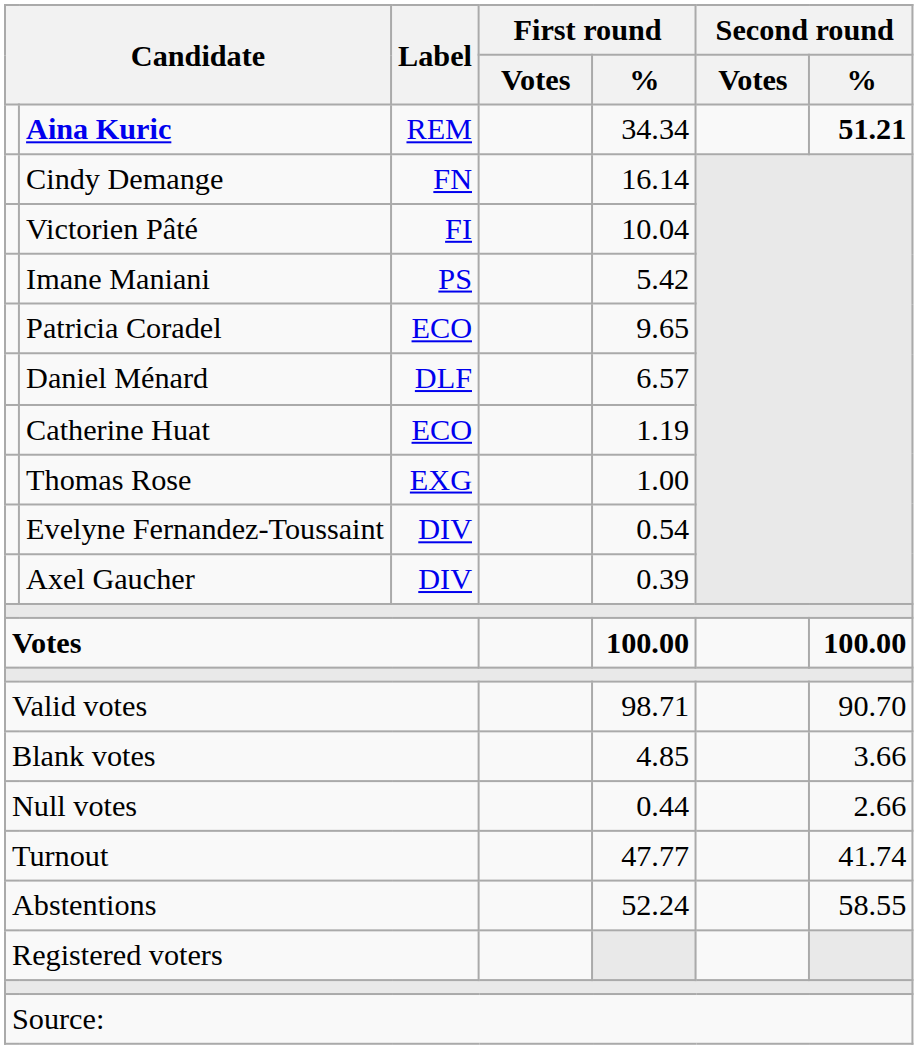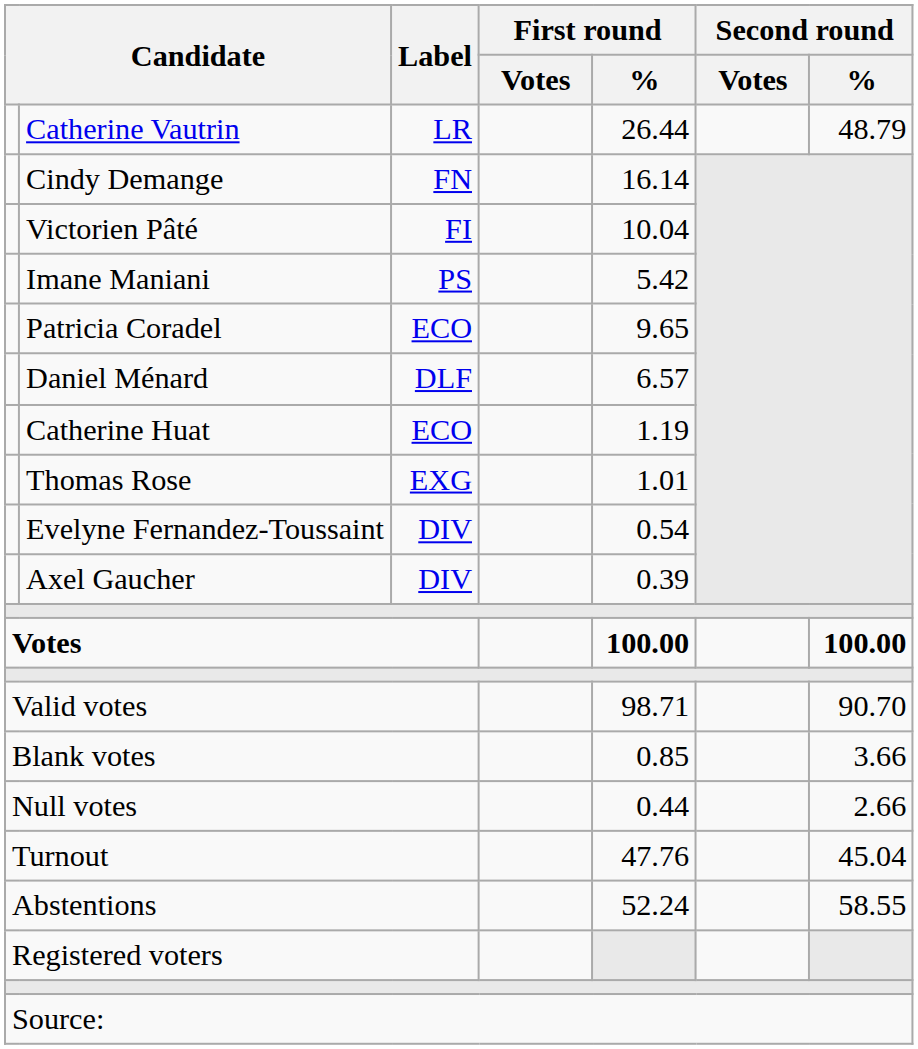 <table class="wikitable" style="text-align:right;font-size:95%;">
 <tr>
 <th rowspan="2" colspan="2">Candidate</th>
 <th rowspan="2">Label</th>
 <th colspan="2">First round</th>
 <th colspan="2">Second round</th>
 </tr>
 <tr>
 <th style="width:50px;">Votes</th>
 <th style="width:45px;">%</th>
 <th style="width:50px;">Votes</th>
 <th style="width:45px;">%</th>
 </tr>
 <tr>
 <td style="color:inherit;background:"></td>
-<td style="text-align:left;"><strong><a href='#'>Aina Kuric</a></strong></td>
-<td><a href='#'>REM</a></td>
+<td style="text-align:left;"><a href='#'>Catherine Vautrin</a></td>
+<td><a href='#'>LR</a></td>
 <td></td>
-<td>34.34</td>
-<td><strong></strong></td>
-<td><strong>51.21</strong></td>
+<td>26.44</td>
+<td></td>
+<td>48.79</td>
 </tr>
 <tr>
 <td style="color:inherit;background:"></td>
 <td style="text-align:left;">Cindy Demange</td>
 <td><a href='#'>FN</a></td>
 <td></td>
 <td>16.14</td>
 <td colspan="2" rowspan="9" style="background:#E9E9E9;"></td>
 </tr>
 <tr>
 <td style="color:inherit;background:"></td>
 <td style="text-align:left;">Victorien Pâté</td>
 <td><a href='#'>FI</a></td>
 <td></td>
 <td>10.04</td>
 </tr>
 <tr>
 <td style="color:inherit;background:"></td>
 <td style="text-align:left;">Imane Maniani</td>
 <td><a href='#'>PS</a></td>
 <td></td>
 <td>5.42</td>
 </tr>
 <tr>
 <td style="color:inherit;background:"></td>
 <td style="text-align:left;">Patricia Coradel</td>
 <td><a href='#'>ECO</a></td>
 <td></td>
 <td>9.65</td>
 </tr>
 <tr>
 <td style="color:inherit;background:"></td>
 <td style="text-align:left;">Daniel Ménard</td>
 <td><a href='#'>DLF</a></td>
 <td></td>
 <td>6.57</td>
 </tr>
 <tr>
 <td style="color:inherit;background:"></td>
 <td style="text-align:left;">Catherine Huat</td>
 <td><a href='#'>ECO</a></td>
 <td></td>
 <td>1.19</td>
 </tr>
 <tr>
 <td style="color:inherit;background:"></td>
 <td style="text-align:left;">Thomas Rose</td>
 <td><a href='#'>EXG</a></td>
 <td></td>
-<td>1.00</td>
+<td>1.01</td>
 </tr>
 <tr>
 <td style="color:inherit;background:"></td>
 <td style="text-align:left;">Evelyne Fernandez-Toussaint</td>
 <td><a href='#'>DIV</a></td>
 <td></td>
 <td>0.54</td>
 </tr>
 <tr>
 <td style="color:inherit;background:"></td>
 <td style="text-align:left;">Axel Gaucher</td>
 <td><a href='#'>DIV</a></td>
 <td></td>
 <td>0.39</td>
 </tr>
 <tr>
 <td colspan="7" style="background:#E9E9E9;"></td>
 </tr>
 <tr style="font-weight:bold;">
 <td colspan="3" style="text-align:left;">Votes</td>
 <td></td>
 <td>100.00</td>
 <td></td>
 <td>100.00</td>
 </tr>
 <tr>
 <td colspan="7" style="background:#E9E9E9;"></td>
 </tr>
 <tr>
 <td colspan="3" style="text-align:left;">Valid votes</td>
 <td></td>
 <td>98.71</td>
 <td></td>
 <td>90.70</td>
 </tr>
 <tr>
 <td colspan="3" style="text-align:left;">Blank votes</td>
 <td></td>
-<td>4.85</td>
+<td>0.85</td>
 <td></td>
 <td>3.66</td>
 </tr>
 <tr>
 <td colspan="3" style="text-align:left;">Null votes</td>
 <td></td>
 <td>0.44</td>
 <td></td>
 <td>2.66</td>
 </tr>
 <tr>
 <td colspan="3" style="text-align:left;">Turnout</td>
 <td></td>
-<td>47.77</td>
+<td>47.76</td>
 <td></td>
-<td>41.74</td>
+<td>45.04</td>
 </tr>
 <tr>
 <td colspan="3" style="text-align:left;">Abstentions</td>
 <td></td>
 <td>52.24</td>
 <td></td>
 <td>58.55</td>
 </tr>
 <tr>
 <td colspan="3" style="text-align:left;">Registered voters</td>
 <td></td>
 <td style="background:#E9E9E9;"></td>
 <td></td>
 <td style="background:#E9E9E9;"></td>
 </tr>
 <tr>
 <td colspan="7" style="background:#E9E9E9;"></td>
 </tr>
 <tr>
 <td colspan="7" style="text-align:left;">Source: </td>
 </tr>
 </table>
